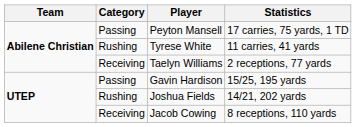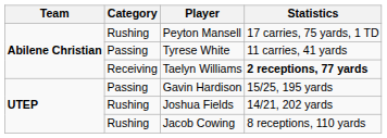 <table class="wikitable" style="float: left;">
 <tr>
 <th>Team</th>
 <th>Category</th>
 <th>Player</th>
 <th>Statistics</th>
 </tr>
 <tr>
 <td rowspan=3><strong>Abilene Christian</strong></td>
-<td>Passing</td>
+<td>Rushing</td>
 <td>Peyton Mansell</td>
 <td>17 carries, 75 yards, 1 TD</td>
 </tr>
 <tr>
-<td>Rushing</td>
+<td>Passing</td>
 <td>Tyrese White</td>
 <td>11 carries, 41 yards</td>
 </tr>
 <tr>
 <td>Receiving</td>
 <td>Taelyn Williams</td>
-<td>2 receptions, 77 yards</td>
+<td><strong>2 receptions, 77 yards</strong></td>
 </tr>
 <tr>
 <td rowspan=3><strong>UTEP</strong></td>
 <td>Passing</td>
 <td>Gavin Hardison</td>
 <td>15/25, 195 yards</td>
 </tr>
 <tr>
 <td>Rushing</td>
 <td>Joshua Fields</td>
 <td>14/21, 202 yards</td>
 </tr>
 <tr>
-<td>Receiving</td>
+<td>Rushing</td>
 <td>Jacob Cowing</td>
 <td>8 receptions, 110 yards</td>
 </tr>
 </table>
